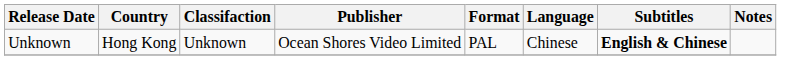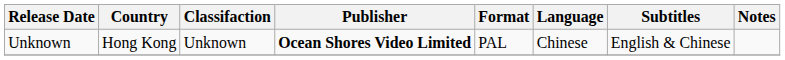 <table class="wikitable">
 <tr>
 <th>Release Date</th>
 <th>Country</th>
 <th>Classifaction</th>
 <th>Publisher</th>
 <th>Format</th>
 <th>Language</th>
 <th>Subtitles</th>
 <th>Notes</th>
 </tr>
 <tr>
 <td>Unknown</td>
 <td>Hong Kong</td>
 <td>Unknown</td>
-<td>Ocean Shores Video Limited</td>
+<td><strong>Ocean Shores Video Limited</strong></td>
 <td>PAL</td>
 <td>Chinese</td>
-<td><strong>English & Chinese</strong></td>
+<td>English & Chinese</td>
 <td></td>
 </tr>
 <tr>
 </tr>
 </table>
